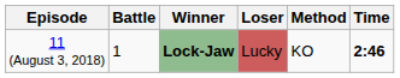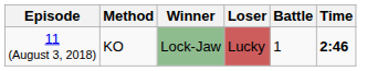 <table class="wikitable">
 <tr>
 <th>Episode</th>
-<th>Battle</th>
+<th>Method</th>
 <th>Winner</th>
 <th>Loser</th>
-<th>Method</th>
+<th>Battle</th>
 <th>Time</th>
 </tr>
 <tr>
 <td style="text-align:center;" rowspan="1"><a href='#'>11</a><br><small>(August 3, 2018)</small></td>
+<td>KO</td>
+<td style="background:DarkSeaGreen;">Lock-Jaw</td>
+<td style="background:IndianRed;">Lucky</td>
 <td> 1</td>
-<td style="background:DarkSeaGreen;"><strong>Lock-Jaw</strong></td>
-<td style="background:IndianRed;">Lucky</td>
-<td>KO</td>
 <td><strong>2:46</strong></td>
 </tr>
 </table>
